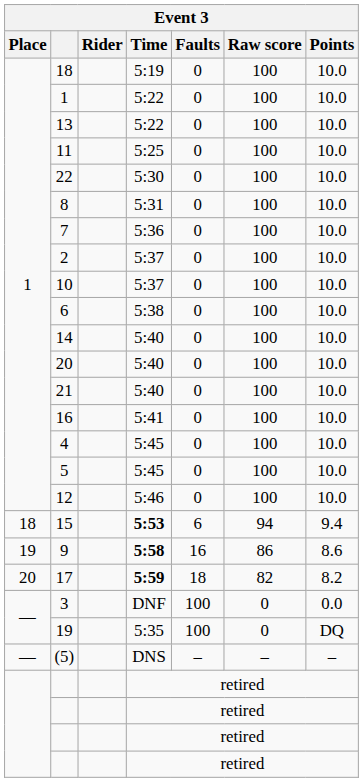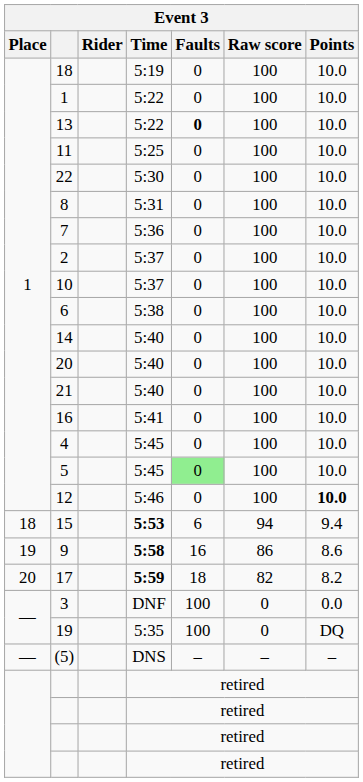 <table class=wikitable style="text-align:center">
 <tr>
 <th colspan=8>Event 3</th>
 </tr>
 <tr>
 <th>Place</th>
 <th></th>
 <th>Rider</th>
 <th>Time</th>
 <th>Faults</th>
 <th>Raw score</th>
 <th>Points</th>
 </tr>
 <tr>
 <td rowspan=17>1</td>
 <td>18</td>
 <td align=left></td>
 <td>5:19</td>
 <td>0</td>
 <td>100</td>
 <td>10.0</td>
 </tr>
 <tr>
 <td>1</td>
 <td align=left></td>
 <td>5:22</td>
 <td>0</td>
 <td>100</td>
 <td>10.0</td>
 </tr>
 <tr>
 <td>13</td>
 <td align=left></td>
 <td>5:22</td>
-<td>0</td>
+<td><strong>0</strong></td>
 <td>100</td>
 <td>10.0</td>
 </tr>
 <tr>
 <td>11</td>
 <td align=left></td>
 <td>5:25</td>
 <td>0</td>
 <td>100</td>
 <td>10.0</td>
 </tr>
 <tr>
 <td>22</td>
 <td align=left></td>
 <td>5:30</td>
 <td>0</td>
 <td>100</td>
 <td>10.0</td>
 </tr>
 <tr>
 <td>8</td>
 <td align=left></td>
 <td>5:31</td>
 <td>0</td>
 <td>100</td>
 <td>10.0</td>
 </tr>
 <tr>
 <td>7</td>
 <td align=left></td>
 <td>5:36</td>
 <td>0</td>
 <td>100</td>
 <td>10.0</td>
 </tr>
 <tr>
 <td>2</td>
 <td align=left></td>
 <td>5:37</td>
 <td>0</td>
 <td>100</td>
 <td>10.0</td>
 </tr>
 <tr>
 <td>10</td>
 <td align=left></td>
 <td>5:37</td>
 <td>0</td>
 <td>100</td>
 <td>10.0</td>
 </tr>
 <tr>
 <td>6</td>
 <td align=left></td>
 <td>5:38</td>
 <td>0</td>
 <td>100</td>
 <td>10.0</td>
 </tr>
 <tr>
 <td>14</td>
 <td align=left></td>
 <td>5:40</td>
 <td>0</td>
 <td>100</td>
 <td>10.0</td>
 </tr>
 <tr>
 <td>20</td>
 <td align=left></td>
 <td>5:40</td>
 <td>0</td>
 <td>100</td>
 <td>10.0</td>
 </tr>
 <tr>
 <td>21</td>
 <td align=left></td>
 <td>5:40</td>
 <td>0</td>
 <td>100</td>
 <td>10.0</td>
 </tr>
 <tr>
 <td>16</td>
 <td align=left></td>
 <td>5:41</td>
 <td>0</td>
 <td>100</td>
 <td>10.0</td>
 </tr>
 <tr>
 <td>4</td>
 <td align=left></td>
 <td>5:45</td>
 <td>0</td>
 <td>100</td>
 <td>10.0</td>
 </tr>
 <tr>
 <td>5</td>
 <td align=left></td>
 <td>5:45</td>
-<td>0</td>
+<td style="background: lightgreen;">0</td>
 <td>100</td>
 <td>10.0</td>
 </tr>
 <tr>
 <td>12</td>
 <td align=left></td>
 <td>5:46</td>
 <td>0</td>
 <td>100</td>
-<td>10.0</td>
+<td><strong>10.0</strong></td>
 </tr>
 <tr>
 <td>18</td>
 <td>15</td>
 <td align=left></td>
 <td><strong>5:53</strong></td>
 <td>6</td>
 <td>94</td>
 <td>9.4</td>
 </tr>
 <tr>
 <td>19</td>
 <td>9</td>
 <td align=left></td>
 <td><strong>5:58</strong></td>
 <td>16</td>
 <td>86</td>
 <td>8.6</td>
 </tr>
 <tr>
 <td>20</td>
 <td>17</td>
 <td align=left></td>
 <td><strong>5:59</strong></td>
 <td>18</td>
 <td>82</td>
 <td>8.2</td>
 </tr>
 <tr>
 <td rowspan=2>—</td>
 <td>3</td>
 <td align=left></td>
 <td>DNF</td>
 <td>100</td>
 <td>0</td>
 <td>0.0</td>
 </tr>
 <tr>
 <td>19</td>
 <td align=left></td>
 <td>5:35</td>
 <td>100</td>
 <td>0</td>
 <td>DQ</td>
 </tr>
 <tr>
 <td>—</td>
 <td>(5)</td>
 <td align=left></td>
 <td>DNS</td>
 <td>–</td>
 <td>–</td>
 <td>–</td>
 </tr>
 <tr>
 <td rowspan=4></td>
 <td></td>
 <td align=left></td>
 <td colspan=4>retired</td>
 </tr>
 <tr>
 <td></td>
 <td align=left></td>
 <td colspan=4>retired</td>
 </tr>
 <tr>
 <td></td>
 <td align=left></td>
 <td colspan=4>retired</td>
 </tr>
 <tr>
 <td></td>
 <td align=left></td>
 <td colspan=4>retired</td>
 </tr>
 </table>
